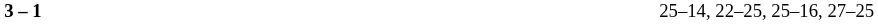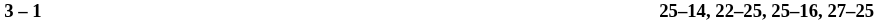 <table width=100% cellspacing=1>
 <tr>
 <th width=20%></th>
 <th width=12%></th>
 <th width=20%></th>
 <th width=33%></th>
 <td></td>
 </tr>
 <tr style=font-size:95%>
 <td align=right><strong></strong></td>
 <td align=center><strong>3 – 1</strong></td>
 <td></td>
-<td>25–14, 22–25, 25–16, 27–25</td>
+<td><strong>25–14, 22–25, 25–16, 27–25</strong></td>
 </tr>
 </table>
